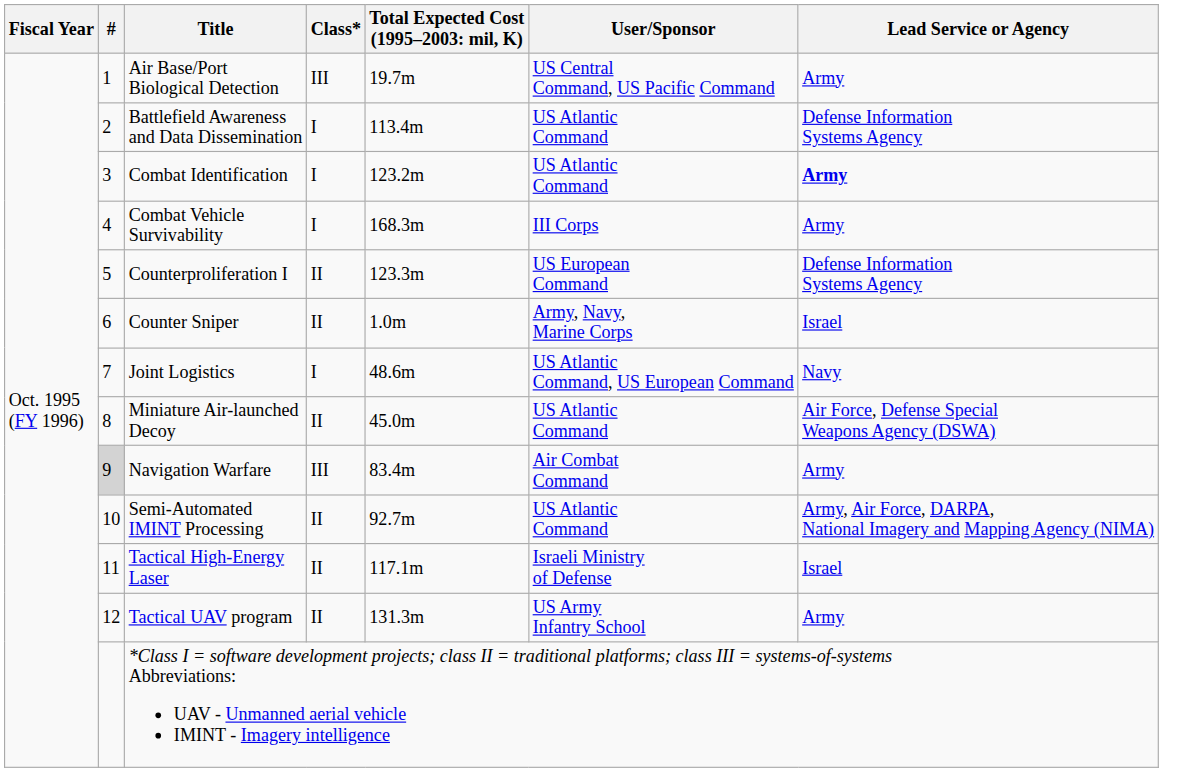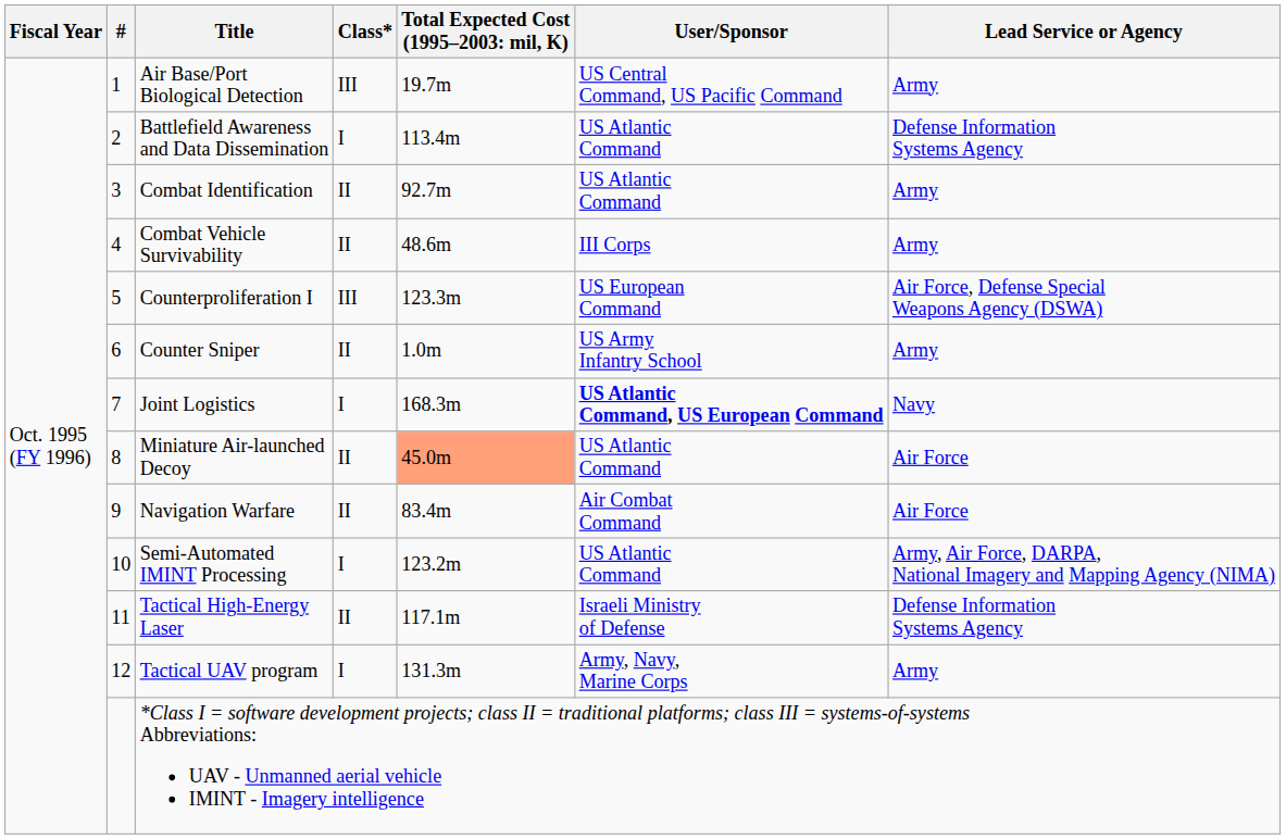 <table class="wikitable sortable mw-collapsible">
 <tr>
 <th>Fiscal Year</th>
 <th>#</th>
 <th>Title</th>
 <th>Class*</th>
 <th>Total Expected Cost<br>(1995–2003: mil, K)</th>
 <th>User/Sponsor</th>
 <th>Lead Service or Agency</th>
 </tr>
 <tr>
 <td rowspan="13">Oct. 1995<br>(<a href='#'>FY</a> 1996)</td>
 <td>1</td>
 <td>Air Base/Port<br>Biological Detection</td>
 <td>III</td>
 <td>19.7m</td>
 <td><a href='#'>US Central</a><br><a href='#'>Command</a>,  <a href='#'>US Pacific</a>  <a href='#'>Command</a></td>
 <td><a href='#'>Army</a></td>
 </tr>
 <tr>
 <td>2</td>
 <td>Battlefield Awareness<br>and Data Dissemination</td>
 <td>I</td>
 <td>113.4m</td>
 <td><a href='#'>US Atlantic</a><br><a href='#'>Command</a></td>
 <td><a href='#'>Defense Information</a><br><a href='#'>Systems Agency</a></td>
 </tr>
 <tr>
 <td>3</td>
 <td>Combat Identification</td>
-<td>I</td>
-<td>123.2m</td>
+<td>II</td>
+<td>92.7m</td>
 <td><a href='#'>US Atlantic</a><br><a href='#'>Command</a></td>
-<td><strong><a href='#'>Army</a></strong></td>
+<td><a href='#'>Army</a></td>
 </tr>
 <tr>
 <td>4</td>
 <td>Combat Vehicle<br>Survivability</td>
-<td>I</td>
-<td>168.3m</td>
+<td>II</td>
+<td>48.6m</td>
 <td><a href='#'>III Corps</a></td>
 <td><a href='#'>Army</a></td>
 </tr>
 <tr>
 <td>5</td>
 <td>Counterproliferation I</td>
-<td>II</td>
+<td>III</td>
 <td>123.3m</td>
 <td><a href='#'>US European</a><br><a href='#'>Command</a></td>
-<td><a href='#'>Defense Information</a><br><a href='#'>Systems Agency</a></td>
+<td><a href='#'>Air Force</a>, <a href='#'>Defense Special</a><br><a href='#'>Weapons Agency (DSWA)</a></td>
 </tr>
 <tr>
 <td>6</td>
 <td>Counter Sniper</td>
 <td>II</td>
 <td>1.0m</td>
-<td><a href='#'>Army</a>, <a href='#'>Navy</a>,<br><a href='#'>Marine Corps</a></td>
-<td><a href='#'>Israel</a></td>
+<td><a href='#'>US Army</a><br><a href='#'>Infantry School</a></td>
+<td><a href='#'>Army</a></td>
 </tr>
 <tr>
 <td>7</td>
 <td>Joint Logistics</td>
 <td>I</td>
-<td>48.6m</td>
-<td><a href='#'>US Atlantic</a><br><a href='#'>Command</a>,  <a href='#'>US European</a>  <a href='#'>Command</a></td>
+<td>168.3m</td>
+<td><strong><a href='#'>US Atlantic</a><br><a href='#'>Command</a>,  <a href='#'>US European</a>  <a href='#'>Command</a></strong></td>
 <td><a href='#'>Navy</a></td>
 </tr>
 <tr>
 <td>8</td>
 <td>Miniature Air-launched<br>Decoy</td>
 <td>II</td>
-<td>45.0m</td>
+<td style="background: lightsalmon;">45.0m</td>
 <td><a href='#'>US Atlantic</a><br><a href='#'>Command</a></td>
-<td><a href='#'>Air Force</a>, <a href='#'>Defense Special</a><br><a href='#'>Weapons Agency (DSWA)</a></td>
+<td><a href='#'>Air Force</a></td>
 </tr>
 <tr>
-<td style="background: lightgrey;">9</td>
+<td>9</td>
 <td>Navigation Warfare</td>
-<td>III</td>
+<td>II</td>
 <td>83.4m</td>
 <td><a href='#'>Air Combat</a><br><a href='#'>Command</a></td>
-<td><a href='#'>Army</a></td>
+<td><a href='#'>Air Force</a></td>
 </tr>
 <tr>
 <td>10</td>
 <td>Semi-Automated<br><a href='#'>IMINT</a> Processing</td>
-<td>II</td>
-<td>92.7m</td>
+<td>I</td>
+<td>123.2m</td>
 <td><a href='#'>US Atlantic</a><br><a href='#'>Command</a></td>
 <td><a href='#'>Army</a>, <a href='#'>Air Force</a>, <a href='#'>DARPA</a>,<br><a href='#'>National Imagery and</a>  <a href='#'>Mapping Agency (NIMA)</a></td>
 </tr>
 <tr>
 <td>11</td>
 <td><a href='#'>Tactical High-Energy</a><br><a href='#'>Laser</a></td>
 <td>II</td>
 <td>117.1m</td>
 <td><a href='#'>Israeli Ministry</a><br><a href='#'>of Defense</a></td>
-<td><a href='#'>Israel</a></td>
+<td><a href='#'>Defense Information</a><br><a href='#'>Systems Agency</a></td>
 </tr>
 <tr>
 <td>12</td>
 <td><a href='#'>Tactical UAV</a> program</td>
-<td>II</td>
+<td>I</td>
 <td>131.3m</td>
-<td><a href='#'>US Army</a><br><a href='#'>Infantry School</a></td>
+<td><a href='#'>Army</a>, <a href='#'>Navy</a>,<br><a href='#'>Marine Corps</a></td>
 <td><a href='#'>Army</a></td>
 </tr>
 <tr>
 <td></td>
 <td colspan="5"><em>*Class I = software development projects; class II = traditional platforms; class III = systems-of-systems</em><br>Abbreviations:<ul><li>UAV - <a href='#'>Unmanned aerial vehicle</a></li><li>IMINT - <a href='#'>Imagery intelligence</a></li></ul></td>
 </tr>
 </table>
